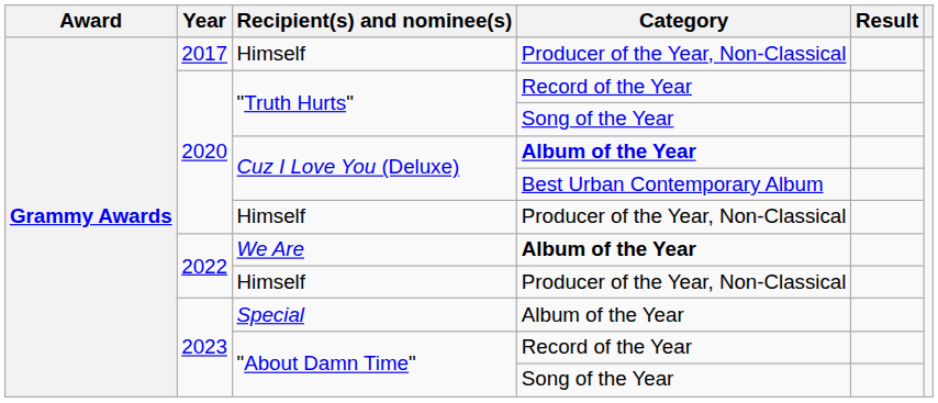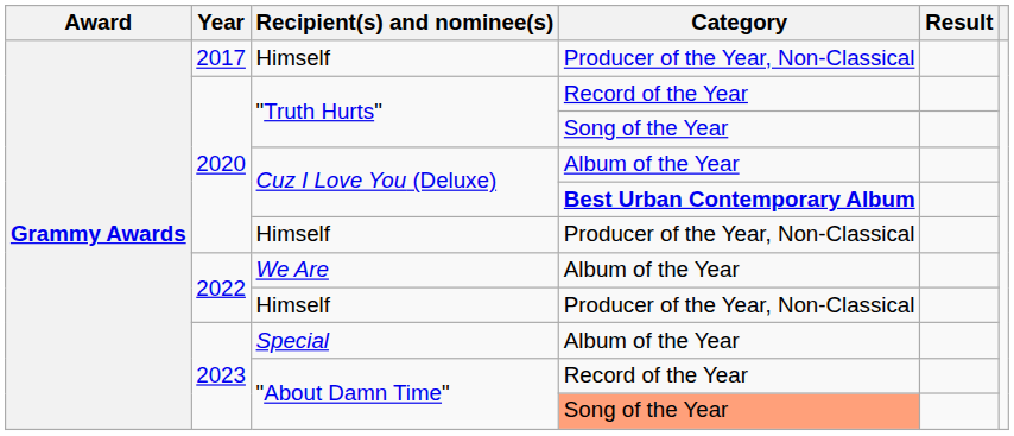 <table class="wikitable sortable plainrowheaders">
 <tr>
 <th scope="col">Award</th>
 <th scope="col">Year</th>
 <th scope="col">Recipient(s) and nominee(s)</th>
 <th scope="col">Category</th>
 <th scope="col">Result</th>
 <th scope="col" class="unsortable"></th>
 </tr>
 <tr>
 <th scope="row" rowspan="11"><a href='#'>Grammy Awards</a></th>
 <td><a href='#'>2017</a></td>
 <td>Himself</td>
 <td><a href='#'>Producer of the Year, Non-Classical</a></td>
 <td></td>
 <td rowspan="11" align="center"></td>
 </tr>
 <tr>
 <td rowspan="5"><a href='#'>2020</a></td>
 <td rowspan="2">"<a href='#'>Truth Hurts</a>"</td>
 <td><a href='#'>Record of the Year</a></td>
 <td></td>
 </tr>
 <tr>
 <td><a href='#'>Song of the Year</a></td>
 <td></td>
 </tr>
 <tr>
 <td rowspan="2"><a href='#'><em>Cuz I Love You</em> (Deluxe)</a></td>
-<td><strong><a href='#'>Album of the Year</a></strong></td>
+<td><a href='#'>Album of the Year</a></td>
 <td></td>
 </tr>
 <tr>
-<td><a href='#'>Best Urban Contemporary Album</a></td>
+<td><strong><a href='#'>Best Urban Contemporary Album</a></strong></td>
 <td></td>
 </tr>
 <tr>
 <td>Himself</td>
 <td>Producer of the Year, Non-Classical</td>
 <td></td>
 </tr>
 <tr>
 <td rowspan="2"><a href='#'>2022</a></td>
 <td><em><a href='#'>We Are</a></em></td>
-<td><strong>Album of the Year</strong></td>
+<td>Album of the Year</td>
 <td></td>
 </tr>
 <tr>
 <td>Himself</td>
 <td>Producer of the Year, Non-Classical</td>
 <td></td>
 </tr>
 <tr>
 <td rowspan="3"><a href='#'>2023</a></td>
 <td><em><a href='#'>Special</a></em></td>
 <td>Album of the Year</td>
 <td></td>
 </tr>
 <tr>
 <td rowspan="2">"<a href='#'>About Damn Time</a>"</td>
 <td>Record of the Year</td>
 <td></td>
 </tr>
 <tr>
-<td>Song of the Year</td>
+<td style="background: lightsalmon;">Song of the Year</td>
 <td></td>
 </tr>
 </table>
